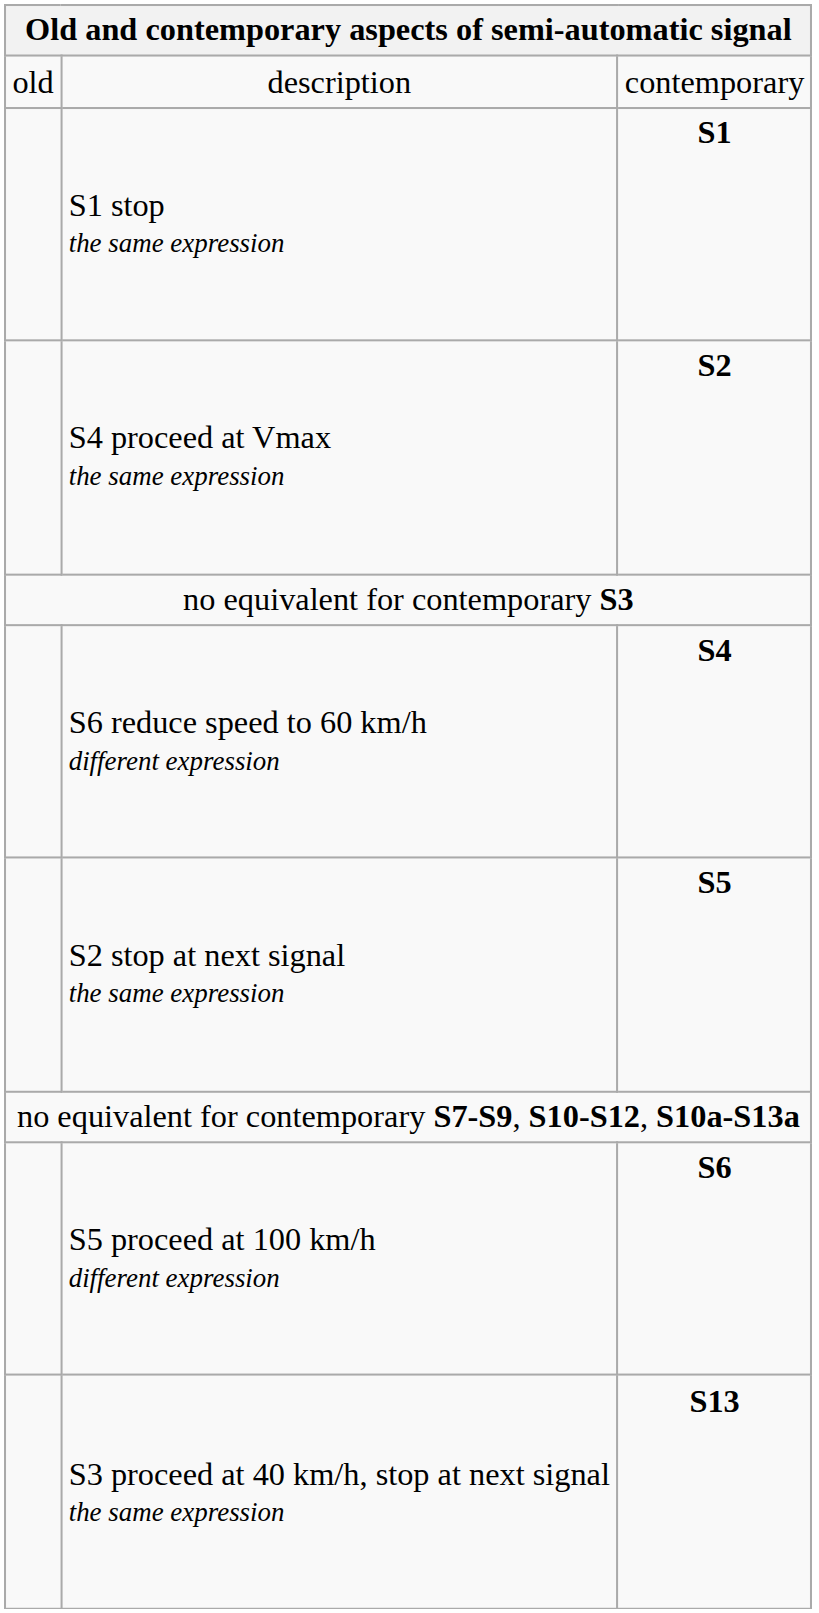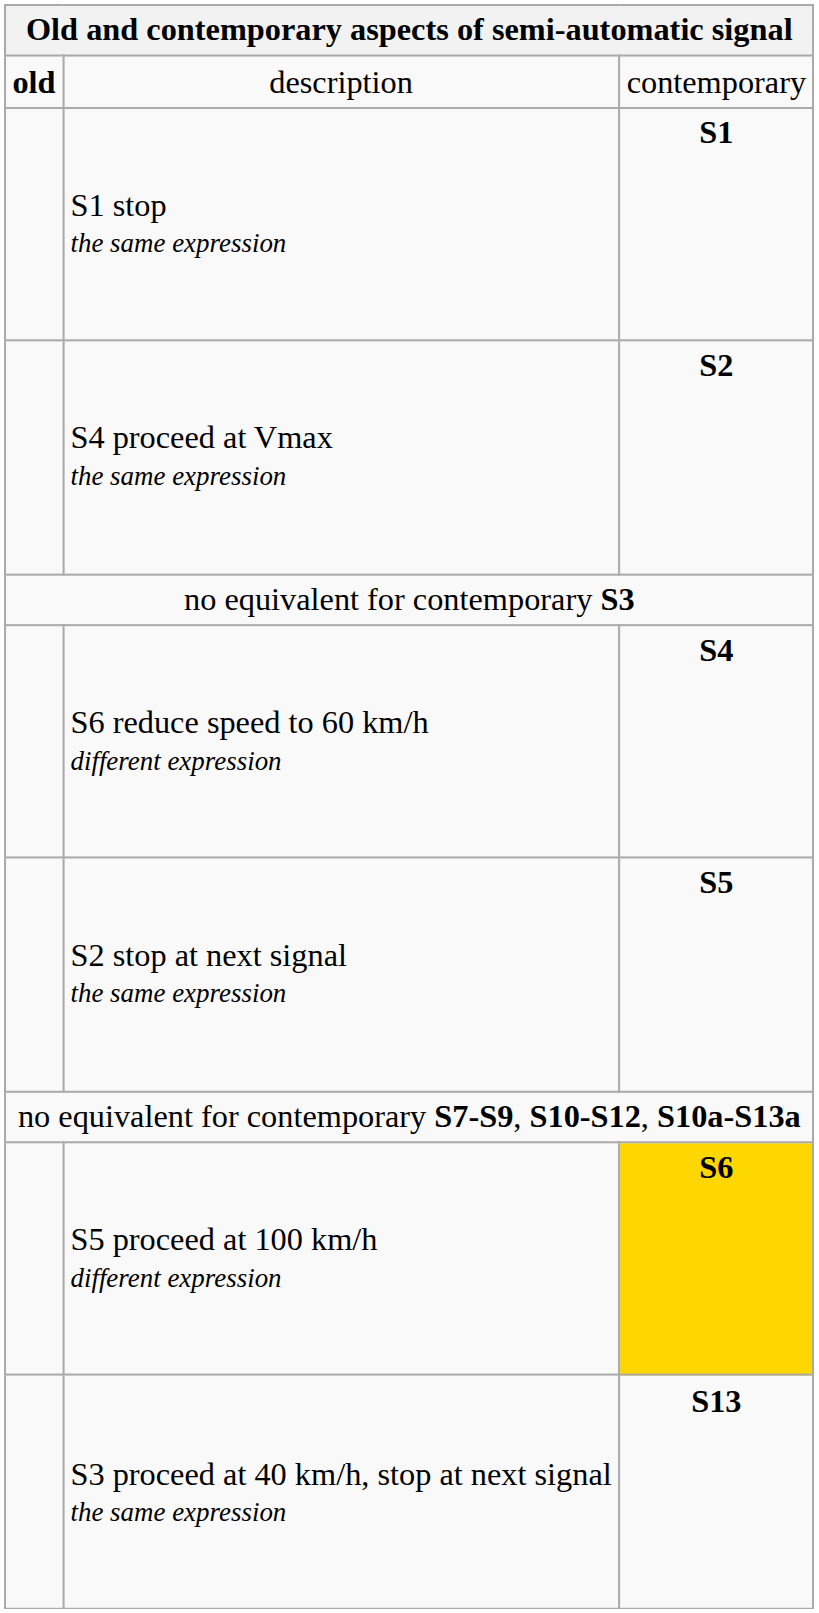 <table class="wikitable">
 <tr>
 <th colspan="4" align="center">Old and contemporary aspects of semi-automatic signal</th>
 </tr>
 <tr -->
-<td align="center">old</td>
+<td align="center"><strong>old</strong></td>
 <td align="center">description</td>
 <td align="center" colspan="2">contemporary</td>
 </tr>
 <tr -->
 <td valign="bottom"><br><br><br><br><br><br></td>
 <td>S1 stop<br><small><em>the same expression</em></small></td>
 <td valign="bottom" align="center" colspan="2"><strong>S1</strong><br><br><br><br><br><br></td>
 </tr>
 <tr -->
 <td valign="bottom"><br><br><br><br><br><br></td>
 <td>S4 proceed at Vmax<br><small><em>the same expression</em></small></td>
 <td valign="bottom" align="center" colspan="2"><strong>S2</strong><br><br><br><br><br><br></td>
 </tr>
 <tr -->
 <td colspan="4" align="center">no equivalent for contemporary <strong>S3</strong></td>
 </tr>
 <tr -->
 <td valign="bottom"><br><br><br><br><br><br></td>
 <td>S6 reduce speed to 60 km/h<br><small><em>different expression</em></small></td>
 <td valign="bottom" align="center" colspan="2"><strong>S4</strong><br><br><br><br><br><br></td>
 </tr>
 <tr -->
 <td valign="bottom"><br><br><br><br><br><br></td>
 <td>S2 stop at next signal<br><small><em>the same expression</em></small></td>
 <td valign="bottom" align="center" colspan="2"><strong>S5</strong><br><br><br><br><br><br></td>
 </tr>
 <tr -->
 <td colspan="4" align="center">no equivalent for contemporary <strong>S7-S9</strong>, <strong>S10-S12</strong>, <strong>S10a-S13a</strong></td>
 </tr>
 <tr -->
 <td valign="bottom"><br><br><br><br><br><br></td>
 <td>S5 proceed at 100 km/h<br><small><em>different expression</em></small></td>
-<td valign="bottom" align="center"><strong>S6</strong><br><br><br><br><br><br></td>
+<td valign="bottom" align="center" style="background: gold;"><strong>S6</strong><br><br><br><br><br><br></td>
 </tr>
 <tr -->
 <td valign="bottom"><br><br><br><br><br><br></td>
 <td>S3 proceed at 40 km/h, stop at next signal<br><small><em>the same expression</em></small></td>
 <td valign="bottom" align="center" colspan="2"><strong>S13</strong><br><br><br><br><br><br></td>
 </tr>
 <tr -->
 </tr>
 </table>
